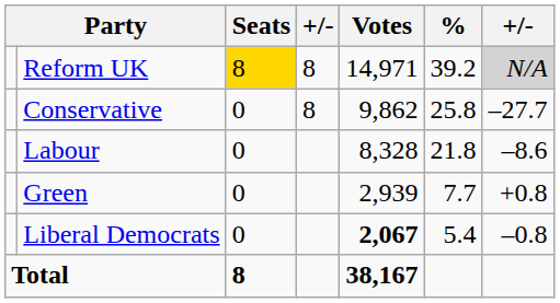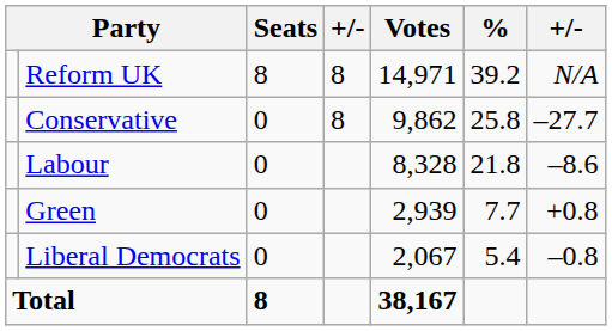 <table class="wikitable sortable">
 <tr>
 <th colspan="2">Party</th>
 <th>Seats</th>
 <th>+/-</th>
 <th>Votes</th>
 <th>%</th>
 <th>+/-</th>
 </tr>
 <tr>
 <td style="background-color: "></td>
 <td><a href='#'>Reform UK</a></td>
-<td style="background: gold;">8</td>
+<td>8</td>
 <td> 8</td>
 <td style="text-align:right;">14,971</td>
 <td style="text-align:right;">39.2</td>
-<td style="background: lightgrey; text-align:right;"><em>N/A</em></td>
+<td style="text-align:right;"><em>N/A</em></td>
 </tr>
 <tr>
 <td style="background-color: "></td>
 <td><a href='#'>Conservative</a></td>
 <td>0</td>
 <td> 8</td>
 <td style="text-align:right;">9,862</td>
 <td style="text-align:right;">25.8</td>
 <td style="text-align:right;">–27.7</td>
 </tr>
 <tr>
 <td style="background-color: "></td>
 <td><a href='#'>Labour</a></td>
 <td>0</td>
 <td></td>
 <td style="text-align:right;">8,328</td>
 <td style="text-align:right;">21.8</td>
 <td style="text-align:right;">–8.6</td>
 </tr>
 <tr>
 <td style="background-color: "></td>
 <td><a href='#'>Green</a></td>
 <td>0</td>
 <td></td>
 <td style="text-align:right;">2,939</td>
 <td style="text-align:right;">7.7</td>
 <td style="text-align:right;">+0.8</td>
 </tr>
 <tr>
 <td style="background-color: "></td>
 <td><a href='#'>Liberal Democrats</a></td>
 <td>0</td>
 <td></td>
-<td style="text-align:right;"><strong>2,067</strong></td>
+<td style="text-align:right;">2,067</td>
 <td style="text-align:right;">5.4</td>
 <td style="text-align:right;">–0.8</td>
 </tr>
 <tr>
 <td colspan="2"><strong>Total</strong></td>
 <td><strong>8</strong></td>
 <td></td>
 <td style="text-align:right;"><strong>38,167</strong></td>
 <td style="text-align:right;"></td>
 <td style="text-align:right;"></td>
 </tr>
 </table>
